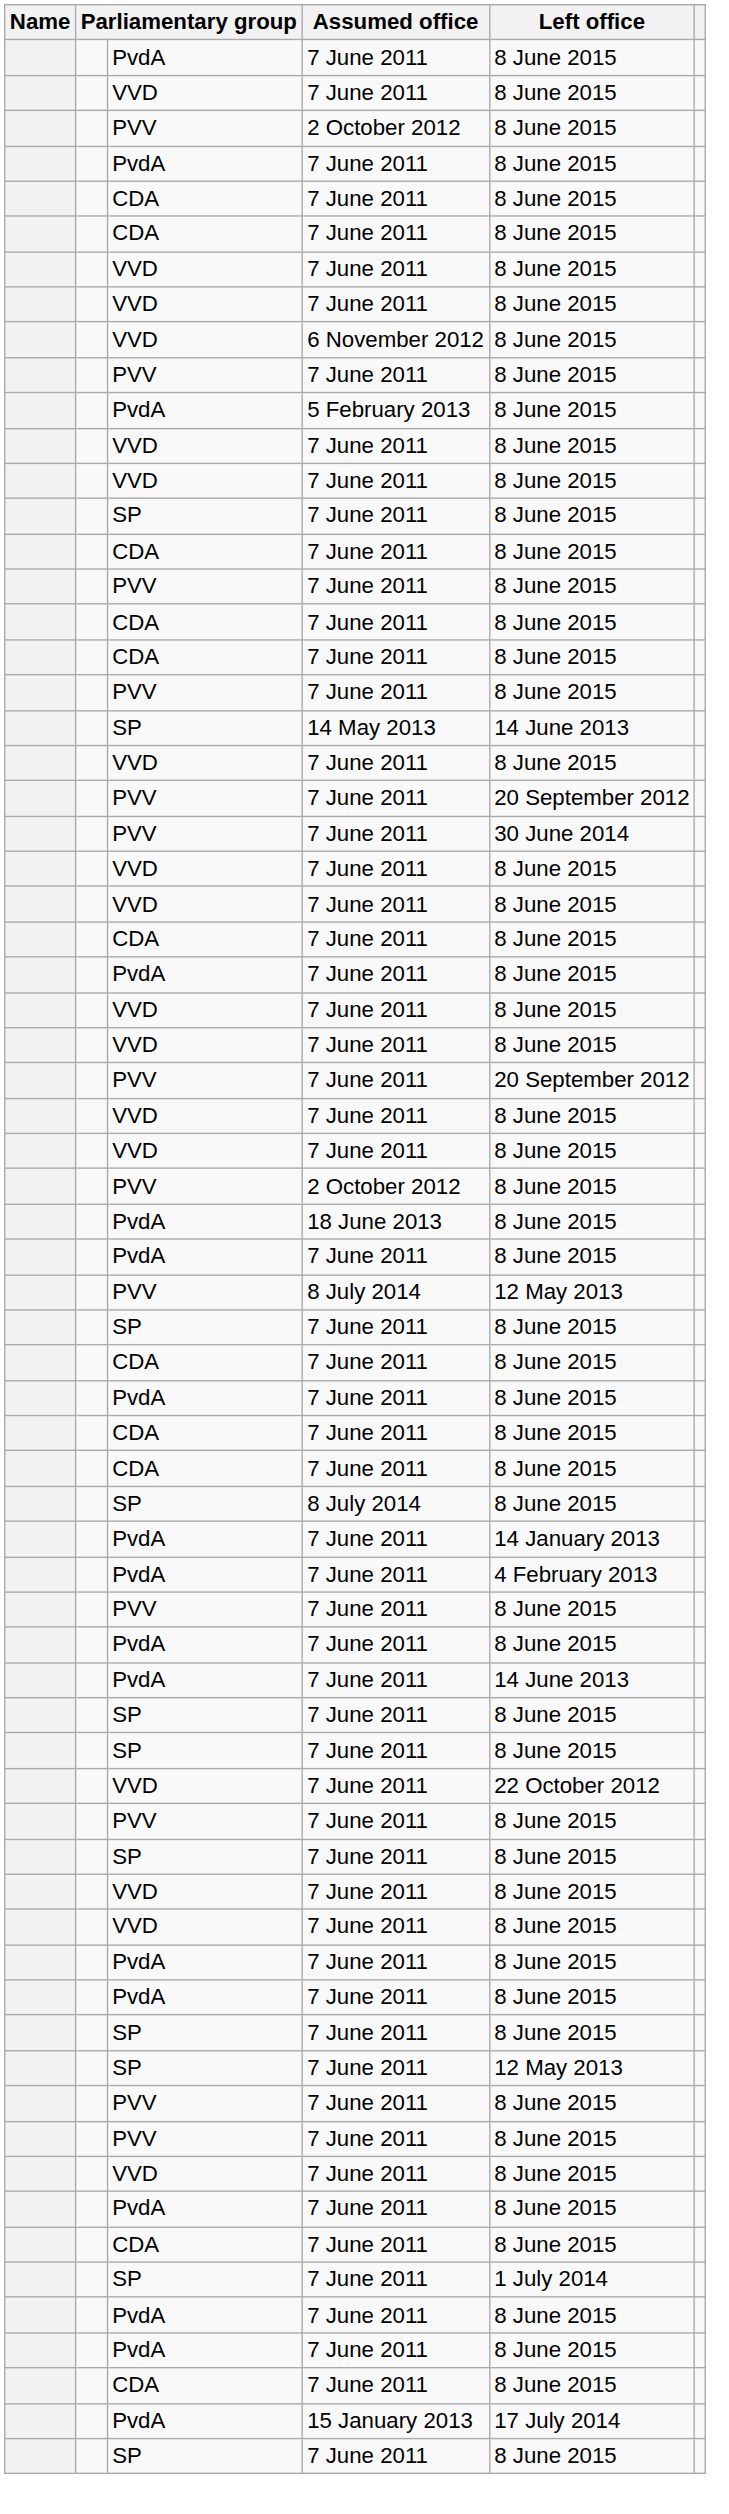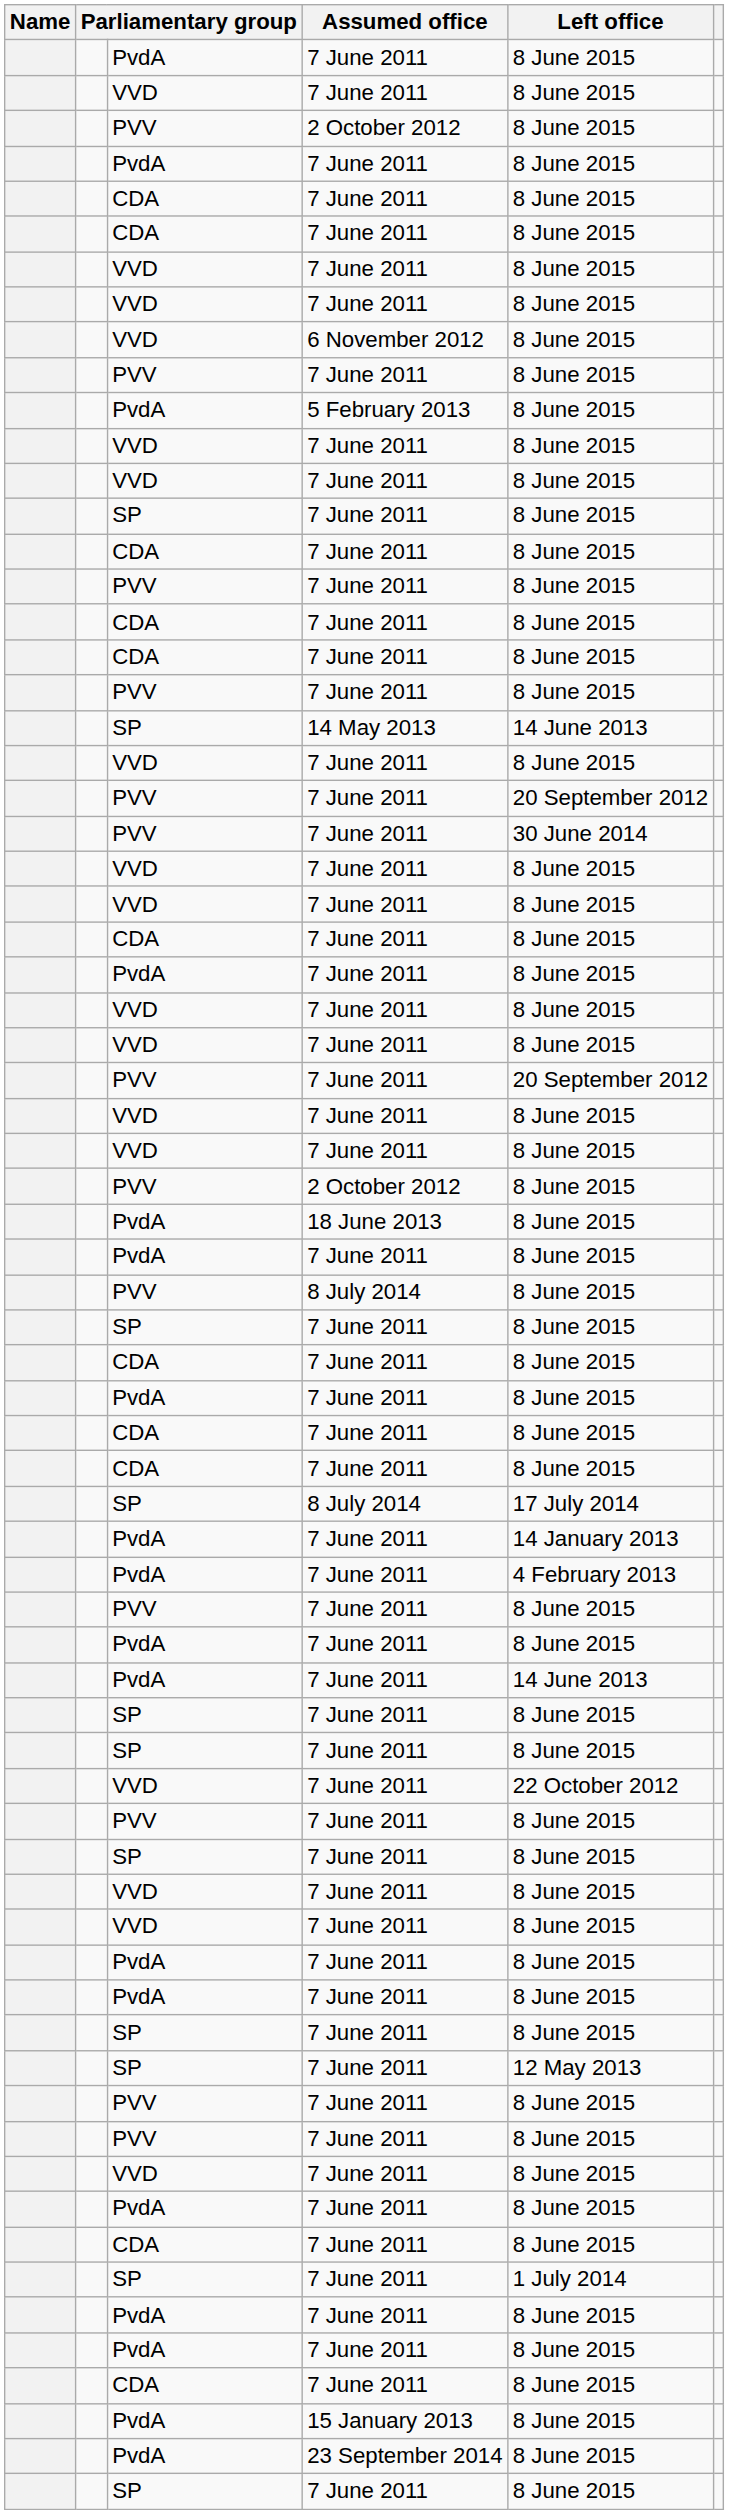 <table class="wikitable sortable plainrowheaders">
 <tr>
 <th scope=col>Name</th>
 <th scope=colgroup  colspan=2>Parliamentary group</th>
 <th scope=col>Assumed office</th>
 <th scope=col>Left office</th>
 <th scope=col class="unsortable"></th>
 </tr>
 <tr>
 <th scope="row"></th>
 <td style="background-color:"></td>
 <td>PvdA</td>
 <td>7 June 2011</td>
 <td>8 June 2015</td>
 <td></td>
 </tr>
 <tr>
 <th scope="row"></th>
 <td style="background-color:"></td>
 <td>VVD</td>
 <td>7 June 2011</td>
 <td>8 June 2015</td>
 <td></td>
 </tr>
 <tr>
 <th scope="row"></th>
 <td style="background-color:"></td>
 <td>PVV</td>
 <td>2 October 2012</td>
 <td>8 June 2015</td>
 <td></td>
 </tr>
 <tr>
 <th scope="row"></th>
 <td style="background-color:"></td>
 <td>PvdA</td>
 <td>7 June 2011</td>
 <td>8 June 2015</td>
 <td></td>
 </tr>
 <tr>
 <th scope="row"></th>
 <td style="background-color:"></td>
 <td>CDA</td>
 <td>7 June 2011</td>
 <td>8 June 2015</td>
 <td></td>
 </tr>
 <tr>
 <th scope="row"></th>
 <td style="background-color:"></td>
 <td>CDA</td>
 <td>7 June 2011</td>
 <td>8 June 2015</td>
 <td></td>
 </tr>
 <tr>
 <th scope="row"></th>
 <td style="background-color:"></td>
 <td>VVD</td>
 <td>7 June 2011</td>
 <td>8 June 2015</td>
 <td></td>
 </tr>
 <tr>
 <th scope="row"></th>
 <td style="background-color:"></td>
 <td>VVD</td>
 <td>7 June 2011</td>
 <td>8 June 2015</td>
 <td></td>
 </tr>
 <tr>
 <th scope="row"></th>
 <td style="background-color:"></td>
 <td>VVD</td>
 <td>6 November 2012</td>
 <td>8 June 2015</td>
 <td></td>
 </tr>
 <tr>
 <th scope="row"></th>
 <td style="background-color:"></td>
 <td>PVV</td>
 <td>7 June 2011</td>
 <td>8 June 2015</td>
 <td></td>
 </tr>
 <tr>
 <th scope="row"></th>
 <td style="background-color:"></td>
 <td>PvdA</td>
 <td>5 February 2013</td>
 <td>8 June 2015</td>
 <td></td>
 </tr>
 <tr>
 <th scope="row"></th>
 <td style="background-color:"></td>
 <td>VVD</td>
 <td>7 June 2011</td>
 <td>8 June 2015</td>
 <td></td>
 </tr>
 <tr>
 <th scope="row"></th>
 <td style="background-color:"></td>
 <td>VVD</td>
 <td>7 June 2011</td>
 <td>8 June 2015</td>
 <td></td>
 </tr>
 <tr>
 <th scope="row"></th>
 <td style="background-color:"></td>
 <td>SP</td>
 <td>7 June 2011</td>
 <td>8 June 2015</td>
 <td></td>
 </tr>
 <tr>
 <th scope="row"></th>
 <td style="background-color:"></td>
 <td>CDA</td>
 <td>7 June 2011</td>
 <td>8 June 2015</td>
 <td></td>
 </tr>
 <tr>
 <th scope="row"></th>
 <td style="background-color:"></td>
 <td>PVV</td>
 <td>7 June 2011</td>
 <td>8 June 2015</td>
 <td></td>
 </tr>
 <tr>
 <th scope="row"></th>
 <td style="background-color:"></td>
 <td>CDA</td>
 <td>7 June 2011</td>
 <td>8 June 2015</td>
 <td></td>
 </tr>
 <tr>
 <th scope="row"></th>
 <td style="background-color:"></td>
 <td>CDA</td>
 <td>7 June 2011</td>
 <td>8 June 2015</td>
 <td></td>
 </tr>
 <tr>
 <th scope="row"></th>
 <td style="background-color:"></td>
 <td>PVV</td>
 <td>7 June 2011</td>
 <td>8 June 2015</td>
 <td></td>
 </tr>
 <tr>
 <th scope="row"></th>
 <td style="background-color:"></td>
 <td>SP</td>
 <td>14 May 2013</td>
 <td>14 June 2013</td>
 <td></td>
 </tr>
 <tr>
 <th scope="row"></th>
 <td style="background-color:"></td>
 <td>VVD</td>
 <td>7 June 2011</td>
 <td>8 June 2015</td>
 <td></td>
 </tr>
 <tr>
 <th scope="row"></th>
 <td style="background-color:"></td>
 <td>PVV</td>
 <td>7 June 2011</td>
 <td>20 September 2012</td>
 <td></td>
 </tr>
 <tr>
 <th scope="row"></th>
 <td style="background-color:"></td>
 <td>PVV</td>
 <td>7 June 2011</td>
 <td>30 June 2014</td>
 <td></td>
 </tr>
 <tr>
 <th scope="row"></th>
 <td style="background-color:"></td>
 <td>VVD</td>
 <td>7 June 2011</td>
 <td>8 June 2015</td>
 <td></td>
 </tr>
 <tr>
 <th scope="row"></th>
 <td style="background-color:"></td>
 <td>VVD</td>
 <td>7 June 2011</td>
 <td>8 June 2015</td>
 <td></td>
 </tr>
 <tr>
 <th scope="row"></th>
 <td style="background-color:"></td>
 <td>CDA</td>
 <td>7 June 2011</td>
 <td>8 June 2015</td>
 <td></td>
 </tr>
 <tr>
 <th scope="row"></th>
 <td style="background-color:"></td>
 <td>PvdA</td>
 <td>7 June 2011</td>
 <td>8 June 2015</td>
 <td></td>
 </tr>
 <tr>
 <th scope="row"></th>
 <td style="background-color:"></td>
 <td>VVD</td>
 <td>7 June 2011</td>
 <td>8 June 2015</td>
 <td></td>
 </tr>
 <tr>
 <th scope="row"></th>
 <td style="background-color:"></td>
 <td>VVD</td>
 <td>7 June 2011</td>
 <td>8 June 2015</td>
 <td></td>
 </tr>
 <tr>
 <th scope="row"></th>
 <td style="background-color:"></td>
 <td>PVV</td>
 <td>7 June 2011</td>
 <td>20 September 2012</td>
 <td></td>
 </tr>
 <tr>
 <th scope="row"></th>
 <td style="background-color:"></td>
 <td>VVD</td>
 <td>7 June 2011</td>
 <td>8 June 2015</td>
 <td></td>
 </tr>
 <tr>
 <th scope="row"></th>
 <td style="background-color:"></td>
 <td>VVD</td>
 <td>7 June 2011</td>
 <td>8 June 2015</td>
 <td></td>
 </tr>
 <tr>
 <th scope="row"></th>
 <td style="background-color:"></td>
 <td>PVV</td>
 <td>2 October 2012</td>
 <td>8 June 2015</td>
 <td></td>
 </tr>
 <tr>
 <th scope="row"></th>
 <td style="background-color:"></td>
 <td>PvdA</td>
 <td>18 June 2013</td>
 <td>8 June 2015</td>
 <td></td>
 </tr>
 <tr>
 <th scope="row"></th>
 <td style="background-color:"></td>
 <td>PvdA</td>
 <td>7 June 2011</td>
 <td>8 June 2015</td>
 <td></td>
 </tr>
 <tr>
 <th scope="row"></th>
 <td style="background-color:"></td>
 <td>PVV</td>
 <td>8 July 2014</td>
-<td>12 May 2013</td>
+<td>8 June 2015</td>
 <td></td>
 </tr>
 <tr>
 <th scope="row"></th>
 <td style="background-color:"></td>
 <td>SP</td>
 <td>7 June 2011</td>
 <td>8 June 2015</td>
 <td></td>
 </tr>
 <tr>
 <th scope="row"></th>
 <td style="background-color:"></td>
 <td>CDA</td>
 <td>7 June 2011</td>
 <td>8 June 2015</td>
 <td></td>
 </tr>
 <tr>
 <th scope="row"></th>
 <td style="background-color:"></td>
 <td>PvdA</td>
 <td>7 June 2011</td>
 <td>8 June 2015</td>
 <td></td>
 </tr>
 <tr>
 <th scope="row"></th>
 <td style="background-color:"></td>
 <td>CDA</td>
 <td>7 June 2011</td>
 <td>8 June 2015</td>
 <td></td>
 </tr>
 <tr>
 <th scope="row"></th>
 <td style="background-color:"></td>
 <td>CDA</td>
 <td>7 June 2011</td>
 <td>8 June 2015</td>
 <td></td>
 </tr>
 <tr>
 <th scope="row"></th>
 <td style="background-color:"></td>
 <td>SP</td>
 <td>8 July 2014</td>
-<td>8 June 2015</td>
+<td>17 July 2014</td>
 <td></td>
 </tr>
 <tr>
 <th scope="row"></th>
 <td style="background-color:"></td>
 <td>PvdA</td>
 <td>7 June 2011</td>
 <td>14 January 2013</td>
 <td></td>
 </tr>
 <tr>
 <th scope="row"></th>
 <td style="background-color:"></td>
 <td>PvdA</td>
 <td>7 June 2011</td>
 <td>4 February 2013</td>
 <td></td>
 </tr>
 <tr>
 <th scope="row"></th>
 <td style="background-color:"></td>
 <td>PVV</td>
 <td>7 June 2011</td>
 <td>8 June 2015</td>
 <td></td>
 </tr>
 <tr>
 <th scope="row"></th>
 <td style="background-color:"></td>
 <td>PvdA</td>
 <td>7 June 2011</td>
 <td>8 June 2015</td>
 <td></td>
 </tr>
 <tr>
 <th scope="row"></th>
 <td style="background-color:"></td>
 <td>PvdA</td>
 <td>7 June 2011</td>
 <td>14 June 2013</td>
 <td></td>
 </tr>
 <tr>
 <th scope="row"></th>
 <td style="background-color:"></td>
 <td>SP</td>
 <td>7 June 2011</td>
 <td>8 June 2015</td>
 <td></td>
 </tr>
 <tr>
 <th scope="row"></th>
 <td style="background-color:"></td>
 <td>SP</td>
 <td>7 June 2011</td>
 <td>8 June 2015</td>
 <td></td>
 </tr>
 <tr>
 <th scope="row"></th>
 <td style="background-color:"></td>
 <td>VVD</td>
 <td>7 June 2011</td>
 <td>22 October 2012</td>
 <td></td>
 </tr>
 <tr>
 <th scope="row"></th>
 <td style="background-color:"></td>
 <td>PVV</td>
 <td>7 June 2011</td>
 <td>8 June 2015</td>
 <td></td>
 </tr>
 <tr>
 <th scope="row"></th>
 <td style="background-color:"></td>
 <td>SP</td>
 <td>7 June 2011</td>
 <td>8 June 2015</td>
 <td></td>
 </tr>
 <tr>
 <th scope="row"></th>
 <td style="background-color:"></td>
 <td>VVD</td>
 <td>7 June 2011</td>
 <td>8 June 2015</td>
 <td></td>
 </tr>
 <tr>
 <th scope="row"></th>
 <td style="background-color:"></td>
 <td>VVD</td>
 <td>7 June 2011</td>
 <td>8 June 2015</td>
 <td></td>
 </tr>
 <tr>
 <th scope="row"></th>
 <td style="background-color:"></td>
 <td>PvdA</td>
 <td>7 June 2011</td>
 <td>8 June 2015</td>
 <td></td>
 </tr>
 <tr>
 <th scope="row"></th>
 <td style="background-color:"></td>
 <td>PvdA</td>
 <td>7 June 2011</td>
 <td>8 June 2015</td>
 <td></td>
 </tr>
 <tr>
 <th scope="row"></th>
 <td style="background-color:"></td>
 <td>SP</td>
 <td>7 June 2011</td>
 <td>8 June 2015</td>
 <td></td>
 </tr>
 <tr>
 <th scope="row"></th>
 <td style="background-color:"></td>
 <td>SP</td>
 <td>7 June 2011</td>
 <td>12 May 2013</td>
 <td></td>
 </tr>
 <tr>
 <th scope="row"></th>
 <td style="background-color:"></td>
 <td>PVV</td>
 <td>7 June 2011</td>
 <td>8 June 2015</td>
 <td></td>
 </tr>
 <tr>
 <th scope="row"></th>
 <td style="background-color:"></td>
 <td>PVV</td>
 <td>7 June 2011</td>
 <td>8 June 2015</td>
 <td></td>
 </tr>
 <tr>
 <th scope="row"></th>
 <td style="background-color:"></td>
 <td>VVD</td>
 <td>7 June 2011</td>
 <td>8 June 2015</td>
 <td></td>
 </tr>
 <tr>
 <th scope="row"></th>
 <td style="background-color:"></td>
 <td>PvdA</td>
 <td>7 June 2011</td>
 <td>8 June 2015</td>
 <td></td>
 </tr>
 <tr>
 <th scope="row"></th>
 <td style="background-color:"></td>
 <td>CDA</td>
 <td>7 June 2011</td>
 <td>8 June 2015</td>
 <td></td>
 </tr>
 <tr>
 <th scope="row"></th>
 <td style="background-color:"></td>
 <td>SP</td>
 <td>7 June 2011</td>
 <td>1 July 2014</td>
 <td></td>
 </tr>
 <tr>
 <th scope="row"></th>
 <td style="background-color:"></td>
 <td>PvdA</td>
 <td>7 June 2011</td>
 <td>8 June 2015</td>
 <td></td>
 </tr>
 <tr>
 <th scope="row"></th>
 <td style="background-color:"></td>
 <td>PvdA</td>
 <td>7 June 2011</td>
 <td>8 June 2015</td>
 <td></td>
 </tr>
 <tr>
 <th scope="row"></th>
 <td style="background-color:"></td>
 <td>CDA</td>
 <td>7 June 2011</td>
 <td>8 June 2015</td>
 <td></td>
 </tr>
 <tr>
 <th scope="row"></th>
 <td style="background-color:"></td>
 <td>PvdA</td>
 <td>15 January 2013</td>
-<td>17 July 2014</td>
+<td>8 June 2015</td>
+<td></td>
+</tr>
+<tr>
+<th scope="row"></th>
+<td style="background-color:"></td>
+<td>PvdA</td>
+<td>23 September 2014</td>
+<td>8 June 2015</td>
 <td></td>
 </tr>
 <tr>
 <th scope="row"></th>
 <td style="background-color:"></td>
 <td>SP</td>
 <td>7 June 2011</td>
 <td>8 June 2015</td>
 <td></td>
 </tr>
 </table>
